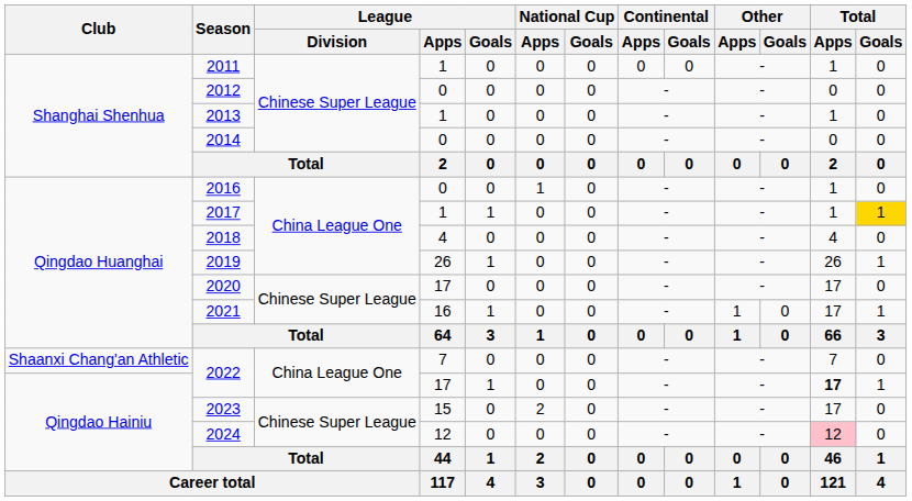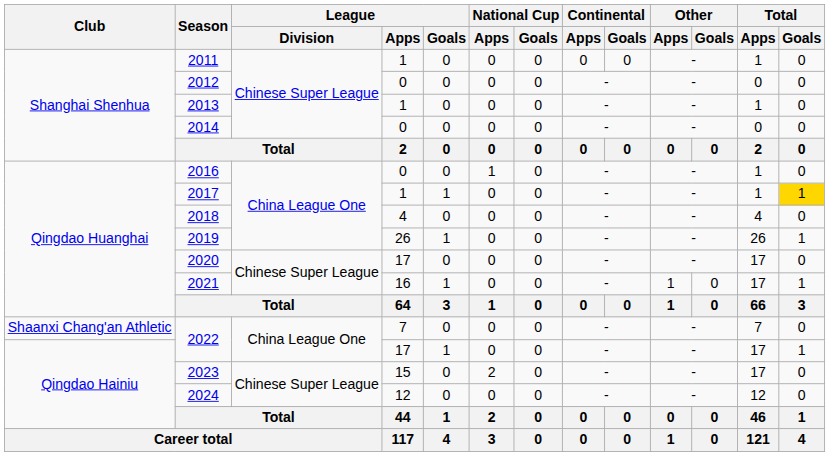 <table class="wikitable" style="text-align: center">
 <tr>
 <th rowspan="2">Club</th>
 <th rowspan="2">Season</th>
 <th colspan="3">League</th>
 <th colspan="2">National Cup</th>
 <th colspan="2">Continental</th>
 <th colspan="2">Other</th>
 <th colspan="2">Total</th>
 </tr>
 <tr>
 <th>Division</th>
 <th>Apps</th>
 <th>Goals</th>
 <th>Apps</th>
 <th>Goals</th>
 <th>Apps</th>
 <th>Goals</th>
 <th>Apps</th>
 <th>Goals</th>
 <th>Apps</th>
 <th>Goals</th>
 </tr>
 <tr>
 <td rowspan="5"><a href='#'>Shanghai Shenhua</a></td>
 <td><a href='#'>2011</a></td>
 <td rowspan="4"><a href='#'>Chinese Super League</a></td>
 <td>1</td>
 <td>0</td>
 <td>0</td>
 <td>0</td>
 <td>0</td>
 <td>0</td>
 <td colspan="2">-</td>
 <td>1</td>
 <td>0</td>
 </tr>
 <tr>
 <td><a href='#'>2012</a></td>
 <td>0</td>
 <td>0</td>
 <td>0</td>
 <td>0</td>
 <td colspan="2">-</td>
 <td colspan="2">-</td>
 <td>0</td>
 <td>0</td>
 </tr>
 <tr>
 <td><a href='#'>2013</a></td>
 <td>1</td>
 <td>0</td>
 <td>0</td>
 <td>0</td>
 <td colspan="2">-</td>
 <td colspan="2">-</td>
 <td>1</td>
 <td>0</td>
 </tr>
 <tr>
 <td><a href='#'>2014</a></td>
 <td>0</td>
 <td>0</td>
 <td>0</td>
 <td>0</td>
 <td colspan="2">-</td>
 <td colspan="2">-</td>
 <td>0</td>
 <td>0</td>
 </tr>
 <tr>
 <th colspan=2>Total</th>
 <th>2</th>
 <th>0</th>
 <th>0</th>
 <th>0</th>
 <th>0</th>
 <th>0</th>
 <th>0</th>
 <th>0</th>
 <th>2</th>
 <th>0</th>
 </tr>
 <tr>
 <td rowspan="7"><a href='#'>Qingdao Huanghai</a></td>
 <td><a href='#'>2016</a></td>
 <td rowspan="4"><a href='#'>China League One</a></td>
 <td>0</td>
 <td>0</td>
 <td>1</td>
 <td>0</td>
 <td colspan="2">-</td>
 <td colspan="2">-</td>
 <td>1</td>
 <td>0</td>
 </tr>
 <tr>
 <td><a href='#'>2017</a></td>
 <td>1</td>
 <td>1</td>
 <td>0</td>
 <td>0</td>
 <td colspan="2">-</td>
 <td colspan="2">-</td>
 <td>1</td>
 <td style="background: gold;">1</td>
 </tr>
 <tr>
 <td><a href='#'>2018</a></td>
 <td>4</td>
 <td>0</td>
 <td>0</td>
 <td>0</td>
 <td colspan="2">-</td>
 <td colspan="2">-</td>
 <td>4</td>
 <td>0</td>
 </tr>
 <tr>
 <td><a href='#'>2019</a></td>
 <td>26</td>
 <td>1</td>
 <td>0</td>
 <td>0</td>
 <td colspan="2">-</td>
 <td colspan="2">-</td>
 <td>26</td>
 <td>1</td>
 </tr>
 <tr>
 <td><a href='#'>2020</a></td>
 <td rowspan="2">Chinese Super League</td>
 <td>17</td>
 <td>0</td>
 <td>0</td>
 <td>0</td>
 <td colspan="2">-</td>
 <td colspan="2">-</td>
 <td>17</td>
 <td>0</td>
 </tr>
 <tr>
 <td><a href='#'>2021</a></td>
 <td>16</td>
 <td>1</td>
 <td>0</td>
 <td>0</td>
 <td colspan="2">-</td>
 <td>1</td>
 <td>0</td>
 <td>17</td>
 <td>1</td>
 </tr>
 <tr>
 <th colspan=2>Total</th>
 <th>64</th>
 <th>3</th>
 <th>1</th>
 <th>0</th>
 <th>0</th>
 <th>0</th>
 <th>1</th>
 <th>0</th>
 <th>66</th>
 <th>3</th>
 </tr>
 <tr>
 <td><a href='#'>Shaanxi Chang'an Athletic</a></td>
 <td rowspan="2"><a href='#'>2022</a></td>
 <td rowspan="2">China League One</td>
 <td>7</td>
 <td>0</td>
 <td>0</td>
 <td>0</td>
 <td colspan="2">-</td>
 <td colspan="2">-</td>
 <td>7</td>
 <td>0</td>
 </tr>
 <tr>
 <td rowspan=4><a href='#'>Qingdao Hainiu</a></td>
 <td>17</td>
 <td>1</td>
 <td>0</td>
 <td>0</td>
 <td colspan="2">-</td>
 <td colspan="2">-</td>
-<td><strong>17</strong></td>
+<td>17</td>
 <td>1</td>
 </tr>
 <tr>
 <td><a href='#'>2023</a></td>
 <td rowspan="2">Chinese Super League</td>
 <td>15</td>
 <td>0</td>
 <td>2</td>
 <td>0</td>
 <td colspan="2">-</td>
 <td colspan="2">-</td>
 <td>17</td>
 <td>0</td>
 </tr>
 <tr>
 <td><a href='#'>2024</a></td>
 <td>12</td>
 <td>0</td>
 <td>0</td>
 <td>0</td>
 <td colspan="2">-</td>
 <td colspan="2">-</td>
-<td style="background: pink;">12</td>
+<td>12</td>
 <td>0</td>
 </tr>
 <tr>
 <th colspan=2>Total</th>
 <th>44</th>
 <th>1</th>
 <th>2</th>
 <th>0</th>
 <th>0</th>
 <th>0</th>
 <th>0</th>
 <th>0</th>
 <th>46</th>
 <th>1</th>
 </tr>
 <tr>
 <th colspan=3>Career total</th>
 <th>117</th>
 <th>4</th>
 <th>3</th>
 <th>0</th>
 <th>0</th>
 <th>0</th>
 <th>1</th>
 <th>0</th>
 <th>121</th>
 <th>4</th>
 </tr>
 </table>
